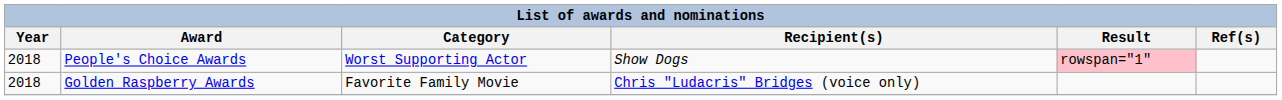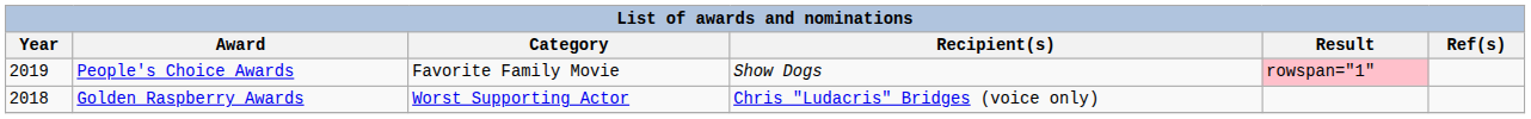 <table class="wikitable" style="width:95%;">
 <tr style="background:#ccc; text-align:center;">
 <th colspan="6" style="background: LightSteelBlue;">List of awards and nominations</th>
 </tr>
 <tr style="background:#ccc; text-align:center;">
 <th>Year</th>
 <th>Award</th>
 <th>Category</th>
 <th>Recipient(s)</th>
 <th>Result</th>
 <th>Ref(s)</th>
 </tr>
 <tr>
-<td rowspan="1">2018</td>
+<td rowspan="1">2019</td>
 <td rowspan="1"><a href='#'>People's Choice Awards</a></td>
-<td><a href='#'>Worst Supporting Actor</a></td>
+<td>Favorite Family Movie</td>
 <td><em>Show Dogs</em></td>
 <td style="background: pink;">rowspan="1" </td>
 <td rowspan="1" style="text-align:center;”"></td>
 </tr>
 <tr>
 <td rowspan="1">2018</td>
 <td rowspan="1"><a href='#'>Golden Raspberry Awards</a></td>
-<td>Favorite Family Movie</td>
+<td><a href='#'>Worst Supporting Actor</a></td>
 <td><a href='#'>Chris "Ludacris" Bridges</a> (voice only)</td>
 <td></td>
 <td style="text-align:center;"></td>
 </tr>
 <tr>
 </tr>
 </table>
